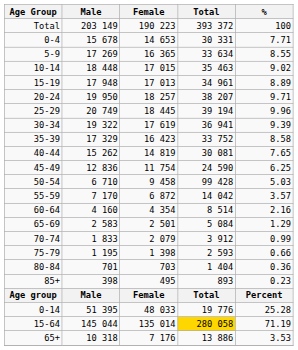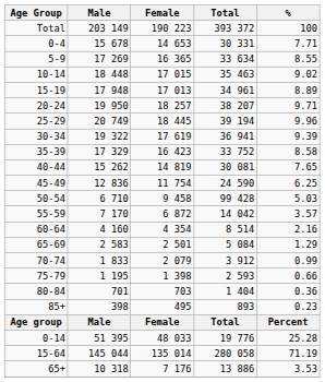 <table class="wikitable">
 <tr>
 <th width="80pt">Age Group</th>
 <th width="80pt">Male</th>
 <th width="80pt">Female</th>
 <th width="80pt">Total</th>
 <th width="80pt">%</th>
 </tr>
 <tr>
 <td align="right">Total</td>
 <td align="right">203 149</td>
 <td align="right">190 223</td>
 <td align="right">393 372</td>
 <td align="right">100</td>
 </tr>
 <tr>
 <td align="right">0-4</td>
 <td align="right">15 678</td>
 <td align="right">14 653</td>
 <td align="right">30 331</td>
 <td align="right">7.71</td>
 </tr>
 <tr>
 <td align="right">5-9</td>
 <td align="right">17 269</td>
 <td align="right">16 365</td>
 <td align="right">33 634</td>
 <td align="right">8.55</td>
 </tr>
 <tr>
 <td align="right">10-14</td>
 <td align="right">18 448</td>
 <td align="right">17 015</td>
 <td align="right">35 463</td>
 <td align="right">9.02</td>
 </tr>
 <tr>
 <td align="right">15-19</td>
 <td align="right">17 948</td>
 <td align="right">17 013</td>
 <td align="right">34 961</td>
 <td align="right">8.89</td>
 </tr>
 <tr>
 <td align="right">20-24</td>
 <td align="right">19 950</td>
 <td align="right">18 257</td>
 <td align="right">38 207</td>
 <td align="right">9.71</td>
 </tr>
 <tr>
 <td align="right">25-29</td>
 <td align="right">20 749</td>
 <td align="right">18 445</td>
 <td align="right">39 194</td>
 <td align="right">9.96</td>
 </tr>
 <tr>
 <td align="right">30-34</td>
 <td align="right">19 322</td>
 <td align="right">17 619</td>
 <td align="right">36 941</td>
 <td align="right">9.39</td>
 </tr>
 <tr>
 <td align="right">35-39</td>
 <td align="right">17 329</td>
 <td align="right">16 423</td>
 <td align="right">33 752</td>
 <td align="right">8.58</td>
 </tr>
 <tr>
 <td align="right">40-44</td>
 <td align="right">15 262</td>
 <td align="right">14 819</td>
 <td align="right">30 081</td>
 <td align="right">7.65</td>
 </tr>
 <tr>
 <td align="right">45-49</td>
 <td align="right">12 836</td>
 <td align="right">11 754</td>
 <td align="right">24 590</td>
 <td align="right">6.25</td>
 </tr>
 <tr>
 <td align="right">50-54</td>
 <td align="right">6 710</td>
 <td align="right">9 458</td>
 <td align="right">99 428</td>
 <td align="right">5.03</td>
 </tr>
 <tr>
 <td align="right">55-59</td>
 <td align="right">7 170</td>
 <td align="right">6 872</td>
 <td align="right">14 042</td>
 <td align="right">3.57</td>
 </tr>
 <tr>
 <td align="right">60-64</td>
 <td align="right">4 160</td>
 <td align="right">4 354</td>
 <td align="right">8 514</td>
 <td align="right">2.16</td>
 </tr>
 <tr>
 <td align="right">65-69</td>
 <td align="right">2 583</td>
 <td align="right">2 501</td>
 <td align="right">5 084</td>
 <td align="right">1.29</td>
 </tr>
 <tr>
 <td align="right">70-74</td>
 <td align="right">1 833</td>
 <td align="right">2 079</td>
 <td align="right">3 912</td>
 <td align="right">0.99</td>
 </tr>
 <tr>
 <td align="right">75-79</td>
 <td align="right">1 195</td>
 <td align="right">1 398</td>
 <td align="right">2 593</td>
 <td align="right">0.66</td>
 </tr>
 <tr>
 <td align="right">80-84</td>
 <td align="right">701</td>
 <td align="right">703</td>
 <td align="right">1 404</td>
 <td align="right">0.36</td>
 </tr>
 <tr>
 <td align="right">85+</td>
 <td align="right">398</td>
 <td align="right">495</td>
 <td align="right">893</td>
 <td align="right">0.23</td>
 </tr>
 <tr>
 <th width="50">Age group</th>
 <th width="80pt">Male</th>
 <th width="80">Female</th>
 <th width="80">Total</th>
 <th width="50">Percent</th>
 </tr>
 <tr>
 <td align="right">0-14</td>
 <td align="right">51 395</td>
 <td align="right">48 033</td>
 <td align="right">19 776</td>
 <td align="right">25.28</td>
 </tr>
 <tr>
 <td align="right">15-64</td>
 <td align="right">145 044</td>
 <td align="right">135 014</td>
-<td align="right" style="background: gold;">280 058</td>
+<td align="right">280 058</td>
 <td align="right">71.19</td>
 </tr>
 <tr>
 <td align="right">65+</td>
 <td align="right">10 318</td>
 <td align="right">7 176</td>
 <td align="right">13 886</td>
 <td align="right">3.53</td>
 </tr>
 <tr>
 </tr>
 </table>
